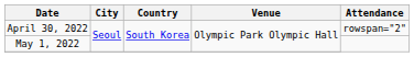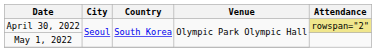 <table class="wikitable" style="text-align:center;">
 <tr>
 <th>Date</th>
 <th>City</th>
 <th>Country</th>
 <th>Venue</th>
 <th>Attendance</th>
 </tr>
 <tr>
 <td>April 30, 2022</td>
 <td rowspan=2><a href='#'>Seoul</a></td>
 <td rowspan=2><a href='#'>South Korea</a></td>
 <td rowspan="2">Olympic Park Olympic Hall</td>
-<td>rowspan="2" </td>
+<td style="background: khaki;">rowspan="2" </td>
 </tr>
 <tr>
 <td>May 1, 2022</td>
 </tr>
 <tr>
 </tr>
 </table>
